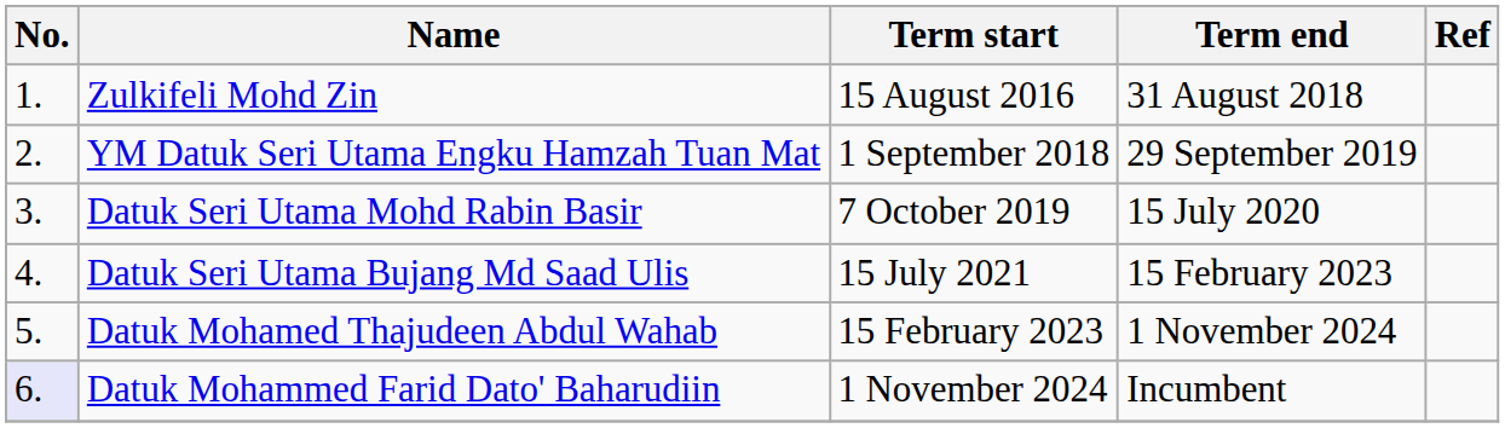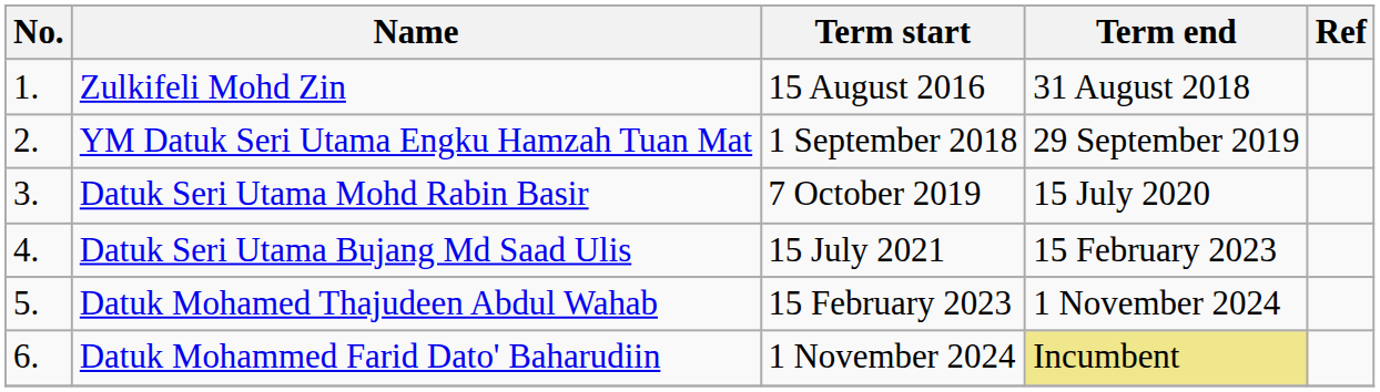 <table class="wikitable">
 <tr>
 <th>No.</th>
 <th>Name</th>
 <th>Term start</th>
 <th>Term end</th>
 <th>Ref</th>
 </tr>
 <tr>
 <td>1.</td>
 <td><a href='#'>Zulkifeli Mohd Zin</a></td>
 <td>15 August 2016</td>
 <td>31 August 2018</td>
 <td></td>
 </tr>
 <tr>
 <td>2.</td>
 <td><a href='#'>YM Datuk Seri Utama Engku Hamzah Tuan Mat</a></td>
 <td>1 September 2018</td>
 <td>29 September 2019</td>
 <td></td>
 </tr>
 <tr>
 <td>3.</td>
 <td><a href='#'>Datuk Seri Utama Mohd Rabin Basir</a></td>
 <td>7 October 2019</td>
 <td>15 July 2020</td>
 <td></td>
 </tr>
 <tr>
 <td>4.</td>
 <td><a href='#'>Datuk Seri Utama Bujang Md Saad Ulis</a></td>
 <td>15 July 2021</td>
 <td>15 February 2023</td>
 <td></td>
 </tr>
 <tr>
 <td>5.</td>
 <td><a href='#'>Datuk Mohamed Thajudeen Abdul Wahab</a></td>
 <td>15 February 2023</td>
 <td>1 November 2024</td>
 <td></td>
 </tr>
 <tr>
-<td style="background: lavender;">6.</td>
+<td>6.</td>
 <td><a href='#'>Datuk Mohammed Farid Dato' Baharudiin</a></td>
 <td>1 November 2024</td>
-<td>Incumbent</td>
+<td style="background: khaki;">Incumbent</td>
 <td></td>
 </tr>
 <tr>
 </tr>
 </table>
